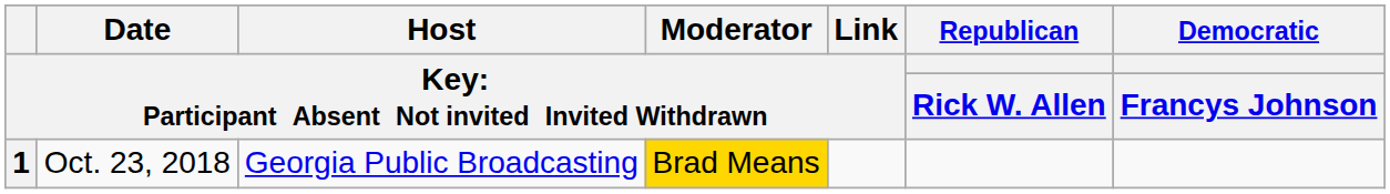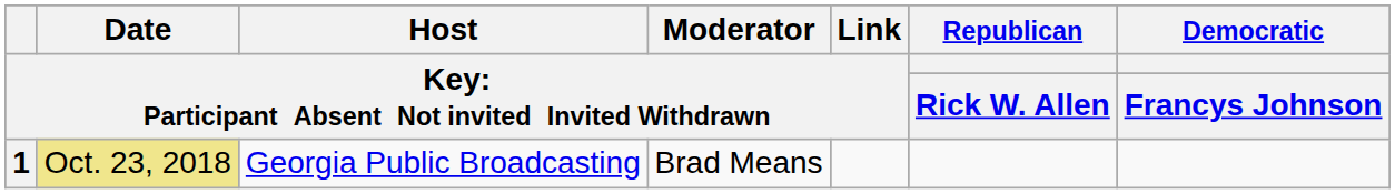 <table class="wikitable" style="text-align:center;">
 <tr>
 <th scope="col"></th>
 <th scope="col">Date</th>
 <th scope="col">Host</th>
 <th scope="col">Moderator</th>
 <th scope="col">Link</th>
 <th scope="col"><small><a href='#'>Republican</a></small></th>
 <th scope="col"><small><a href='#'>Democratic</a></small></th>
 </tr>
 <tr>
 <th colspan="5" rowspan="2">Key:<br> <small>Participant </small>  <small>Absent </small>  <small>Not invited </small>  <small>Invited  Withdrawn</small></th>
 <th scope="col" style="background:"></th>
 <th scope="col" style="background:"></th>
 </tr>
 <tr>
 <th scope="col"><a href='#'>Rick W. Allen</a></th>
 <th scope="col"><a href='#'>Francys Johnson</a></th>
 </tr>
 <tr>
 <th>1</th>
-<td style="white-space:nowrap;">Oct. 23, 2018</td>
+<td style="background: khaki; white-space:nowrap;">Oct. 23, 2018</td>
 <td style="white-space:nowrap;"><a href='#'>Georgia Public Broadcasting</a></td>
-<td style="background: gold; white-space:nowrap;">Brad Means</td>
+<td style="white-space:nowrap;">Brad Means</td>
 <td style="white-space:nowrap;"></td>
 <td></td>
 <td></td>
 </tr>
 </table>
